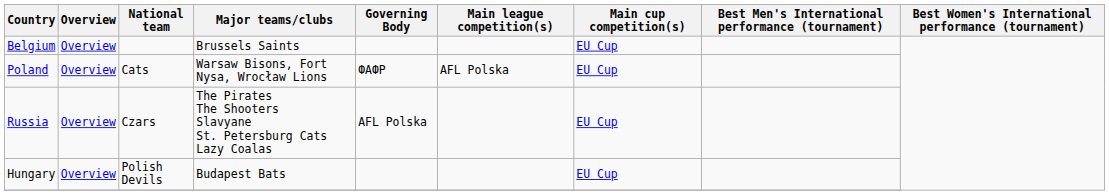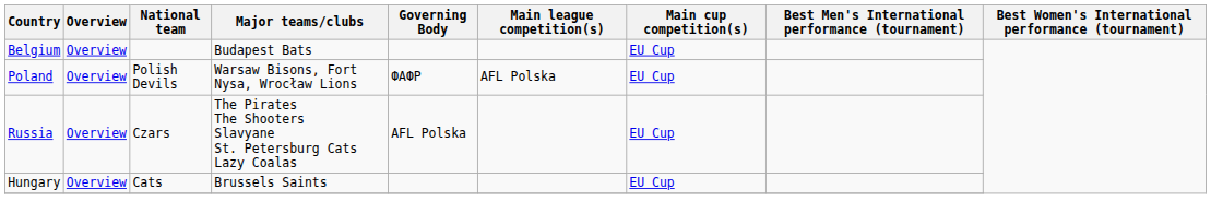 <table class="wikitable">
 <tr>
 <th>Country</th>
 <th>Overview</th>
 <th>National team</th>
 <th>Major teams/clubs</th>
 <th>Governing Body</th>
 <th>Main league competition(s)</th>
 <th>Main cup competition(s)</th>
 <th>Best Men's International performance (tournament)</th>
 <th>Best Women's International performance (tournament)</th>
 </tr>
 <tr>
 <td> <a href='#'>Belgium</a></td>
 <td><a href='#'>Overview</a></td>
 <td></td>
-<td>Brussels Saints</td>
+<td>Budapest Bats</td>
 <td></td>
 <td></td>
 <td><a href='#'>EU Cup</a></td>
 <td></td>
 </tr>
 <tr>
 <td> <a href='#'>Poland</a></td>
 <td><a href='#'>Overview</a></td>
-<td>Cats</td>
+<td>Polish Devils</td>
 <td>Warsaw Bisons, Fort Nysa, Wrocław Lions</td>
 <td>ФАФР</td>
 <td>AFL Polska</td>
 <td><a href='#'>EU Cup</a></td>
 <td></td>
 </tr>
 <tr>
 <td> <a href='#'>Russia</a></td>
 <td><a href='#'>Overview</a></td>
 <td>Czars</td>
 <td>The Pirates <br> The Shooters <br> Slavyane <br> St. Petersburg Cats <br> Lazy Coalas</td>
 <td>AFL Polska</td>
 <td></td>
 <td><a href='#'>EU Cup</a></td>
 <td></td>
 </tr>
 <tr>
 <td> Hungary</td>
 <td><a href='#'>Overview</a></td>
-<td>Polish Devils</td>
-<td>Budapest Bats</td>
+<td>Cats</td>
+<td>Brussels Saints</td>
 <td></td>
 <td></td>
 <td><a href='#'>EU Cup</a></td>
 <td></td>
 </tr>
 <tr>
 </tr>
 </table>
